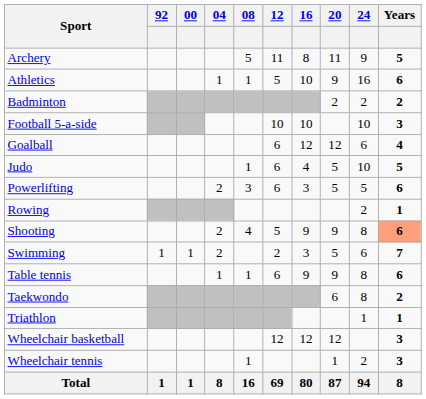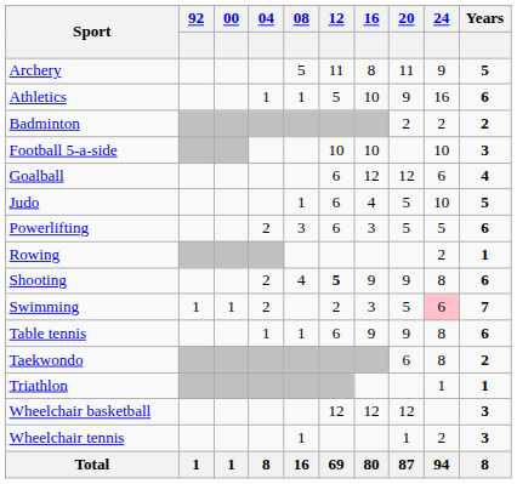 <table class="wikitable sortable" size=90% style="text-align:center; font-size:90%">
 <tr>
 <th rowspan=2 width=150>Sport</th>
 <th width=25><a href='#'>92</a></th>
 <th width="25"><a href='#'>00</a></th>
 <th width="25"><a href='#'>04</a></th>
 <th width="25"><a href='#'>08</a></th>
 <th width="25"><a href='#'>12</a></th>
 <th width="25"><a href='#'>16</a></th>
 <th width=25><a href='#'>20</a></th>
 <th width="25"><a href='#'>24</a></th>
 <th width="40">Years</th>
 </tr>
 <tr>
 <th></th>
 <th></th>
 <th></th>
 <th></th>
 <th></th>
 <th></th>
 <th></th>
 <th></th>
 <th> </th>
 </tr>
 <tr>
 <td align=left> <a href='#'>Archery</a></td>
 <td></td>
 <td></td>
 <td></td>
 <td>5</td>
 <td>11</td>
 <td>8</td>
 <td>11</td>
 <td>9</td>
 <td><strong>5</strong></td>
 </tr>
 <tr>
 <td align=left> <a href='#'>Athletics</a></td>
 <td></td>
 <td></td>
 <td>1</td>
 <td>1</td>
 <td>5</td>
 <td>10</td>
 <td>9</td>
 <td>16</td>
 <td><strong>6</strong></td>
 </tr>
 <tr>
 <td align=left>  <a href='#'>Badminton</a></td>
 <td bgcolor="silver"></td>
 <td bgcolor="silver"></td>
 <td bgcolor="silver"></td>
 <td bgcolor="silver"></td>
 <td bgcolor="silver"></td>
 <td bgcolor="silver"></td>
 <td>2</td>
 <td>2</td>
 <td><strong>2</strong></td>
 </tr>
 <tr>
 <td align=left> <a href='#'>Football 5-a-side</a></td>
 <td bgcolor="silver"></td>
 <td bgcolor="silver"></td>
 <td></td>
 <td></td>
 <td>10</td>
 <td>10</td>
 <td></td>
 <td>10</td>
 <td><strong>3</strong></td>
 </tr>
 <tr>
 <td align="left"> <a href='#'>Goalball</a></td>
 <td></td>
 <td></td>
 <td></td>
 <td></td>
 <td>6</td>
 <td>12</td>
 <td>12</td>
 <td>6</td>
 <td><strong>4</strong></td>
 </tr>
 <tr>
 <td align="left"> <a href='#'>Judo</a></td>
 <td></td>
 <td></td>
 <td></td>
 <td>1</td>
 <td>6</td>
 <td>4</td>
 <td>5</td>
 <td>10</td>
 <td><strong>5</strong></td>
 </tr>
 <tr>
 <td align="left"> <a href='#'>Powerlifting</a></td>
 <td></td>
 <td></td>
 <td>2</td>
 <td>3</td>
 <td>6</td>
 <td>3</td>
 <td>5</td>
 <td>5</td>
 <td><strong>6</strong></td>
 </tr>
 <tr>
 <td align="left"> <a href='#'>Rowing</a></td>
 <td bgcolor="silver"></td>
 <td bgcolor="silver"></td>
 <td bgcolor="silver"></td>
 <td></td>
 <td></td>
 <td></td>
 <td></td>
 <td>2</td>
 <td><strong>1</strong></td>
 </tr>
 <tr>
 <td align="left"> <a href='#'>Shooting</a></td>
 <td></td>
 <td></td>
 <td>2</td>
 <td>4</td>
-<td>5</td>
+<td><strong>5</strong></td>
 <td>9</td>
 <td>9</td>
 <td>8</td>
-<td style="background: lightsalmon;"><strong>6</strong></td>
+<td><strong>6</strong></td>
 </tr>
 <tr>
 <td align="left"> <a href='#'>Swimming</a></td>
 <td>1</td>
 <td>1</td>
 <td>2</td>
 <td></td>
 <td>2</td>
 <td>3</td>
 <td>5</td>
-<td>6</td>
+<td style="background: pink;">6</td>
 <td><strong>7</strong></td>
 </tr>
 <tr>
 <td align="left"> <a href='#'>Table tennis</a></td>
 <td></td>
 <td></td>
 <td>1</td>
 <td>1</td>
 <td>6</td>
 <td>9</td>
 <td>9</td>
 <td>8</td>
 <td><strong>6</strong></td>
 </tr>
 <tr>
 <td align="left"> <a href='#'>Taekwondo</a></td>
 <td bgcolor="silver"></td>
 <td bgcolor="silver"></td>
 <td bgcolor="silver"></td>
 <td bgcolor="silver"></td>
 <td bgcolor="silver"></td>
 <td bgcolor="silver"></td>
 <td>6</td>
 <td>8</td>
 <td><strong>2</strong></td>
 </tr>
 <tr>
 <td align="left"> <a href='#'>Triathlon</a></td>
 <td bgcolor="silver"></td>
 <td bgcolor="silver"></td>
 <td bgcolor="silver"></td>
 <td bgcolor="silver"></td>
 <td bgcolor="silver"></td>
 <td></td>
 <td></td>
 <td>1</td>
 <td><strong>1</strong></td>
 </tr>
 <tr>
 <td align="left"><a href='#'>Wheelchair basketball</a></td>
 <td></td>
 <td></td>
 <td></td>
 <td></td>
 <td>12</td>
 <td>12</td>
 <td>12</td>
 <td></td>
 <td><strong>3</strong></td>
 </tr>
 <tr>
 <td align="left"> <a href='#'>Wheelchair tennis</a></td>
 <td></td>
 <td></td>
 <td></td>
 <td>1</td>
 <td></td>
 <td></td>
 <td>1</td>
 <td>2</td>
 <td><strong>3</strong></td>
 </tr>
 <tr class="sortbottom">
 <th>Total</th>
 <th>1</th>
 <th>1</th>
 <th>8</th>
 <th>16</th>
 <th>69</th>
 <th>80</th>
 <th>87</th>
 <th>94</th>
 <th>8</th>
 </tr>
 </table>
